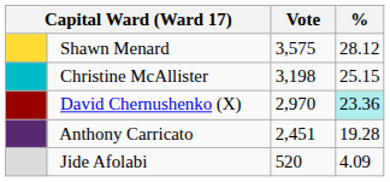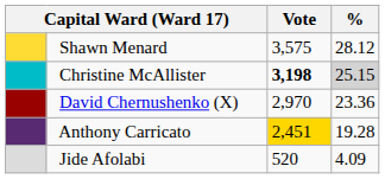 <table class="wikitable">
 <tr>
 <th bgcolor="#DDDDFF" width="230px" colspan="2">Capital Ward (Ward 17)</th>
 <th bgcolor="#DDDDFF" width="50px">Vote</th>
 <th bgcolor="#DDDDFF" width="30px">%</th>
 </tr>
 <tr>
 <td bgcolor=#FEDC34 width="30px"> </td>
 <td>  Shawn Menard</td>
 <td>3,575</td>
 <td>28.12</td>
 </tr>
 <tr>
 <td bgcolor=#00BCC8 width="30px"> </td>
 <td>  Christine McAllister</td>
-<td>3,198</td>
-<td>25.15</td>
+<td><strong>3,198</strong></td>
+<td style="background: lightgrey;">25.15</td>
 </tr>
 <tr>
 <td bgcolor=#990000 width="30px"> </td>
 <td>  <a href='#'>David Chernushenko</a> (X)</td>
 <td>2,970</td>
-<td style="background: paleturquoise;">23.36</td>
+<td>23.36</td>
 </tr>
 <tr>
 <td bgcolor=#582A72 width="30px"> </td>
 <td>  Anthony Carricato</td>
-<td>2,451</td>
+<td style="background: gold;">2,451</td>
 <td>19.28</td>
 </tr>
 <tr>
 <td bgcolor=#DCDCDC width="30px"> </td>
 <td>  Jide Afolabi</td>
 <td>520</td>
 <td>4.09</td>
 </tr>
 </table>
